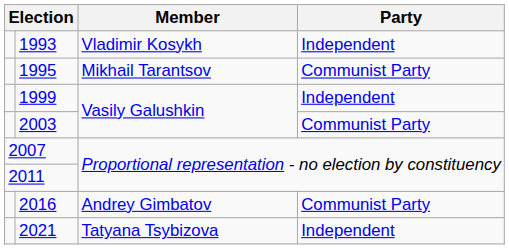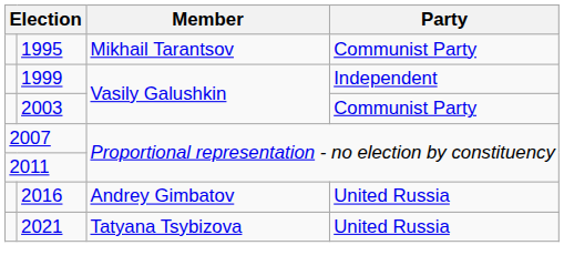 <table class="wikitable">
 <tr>
 <th colspan="2">Election</th>
 <th>Member</th>
 <th>Party</th>
-</tr>
-<tr>
-<td style="background-color:"></td>
-<td><a href='#'>1993</a></td>
-<td><a href='#'>Vladimir Kosykh</a></td>
-<td><a href='#'>Independent</a></td>
 </tr>
 <tr>
 <td style="background-color:"></td>
 <td><a href='#'>1995</a></td>
 <td><a href='#'>Mikhail Tarantsov</a></td>
 <td><a href='#'>Communist Party</a></td>
 </tr>
 <tr>
 <td style="background-color:"></td>
 <td><a href='#'>1999</a></td>
 <td rowspan=2><a href='#'>Vasily Galushkin</a></td>
 <td><a href='#'>Independent</a></td>
 </tr>
 <tr>
 <td style="background-color:"></td>
 <td><a href='#'>2003</a></td>
 <td><a href='#'>Communist Party</a></td>
 </tr>
 <tr>
 <td colspan=2><a href='#'>2007</a></td>
 <td colspan=2 rowspan=2><em><a href='#'>Proportional representation</a> - no election by constituency</em></td>
 </tr>
 <tr>
 <td colspan=2><a href='#'>2011</a></td>
 </tr>
 <tr>
 <td style="background-color: "></td>
 <td><a href='#'>2016</a></td>
 <td><a href='#'>Andrey Gimbatov</a></td>
-<td><a href='#'>Communist Party</a></td>
+<td><a href='#'>United Russia</a></td>
 </tr>
 <tr>
 <td style="background-color: "></td>
 <td><a href='#'>2021</a></td>
 <td><a href='#'>Tatyana Tsybizova</a></td>
-<td><a href='#'>Independent</a></td>
+<td><a href='#'>United Russia</a></td>
 </tr>
 </table>
